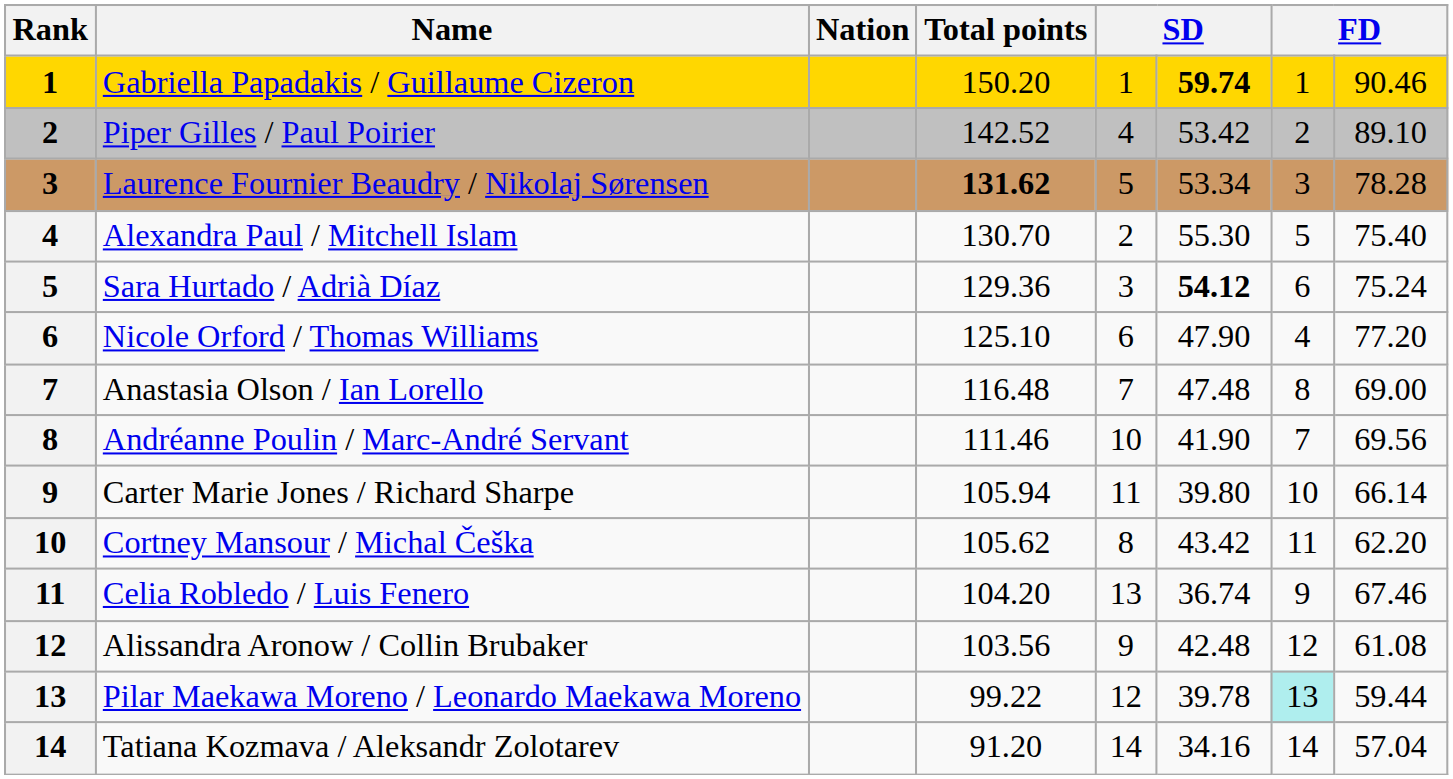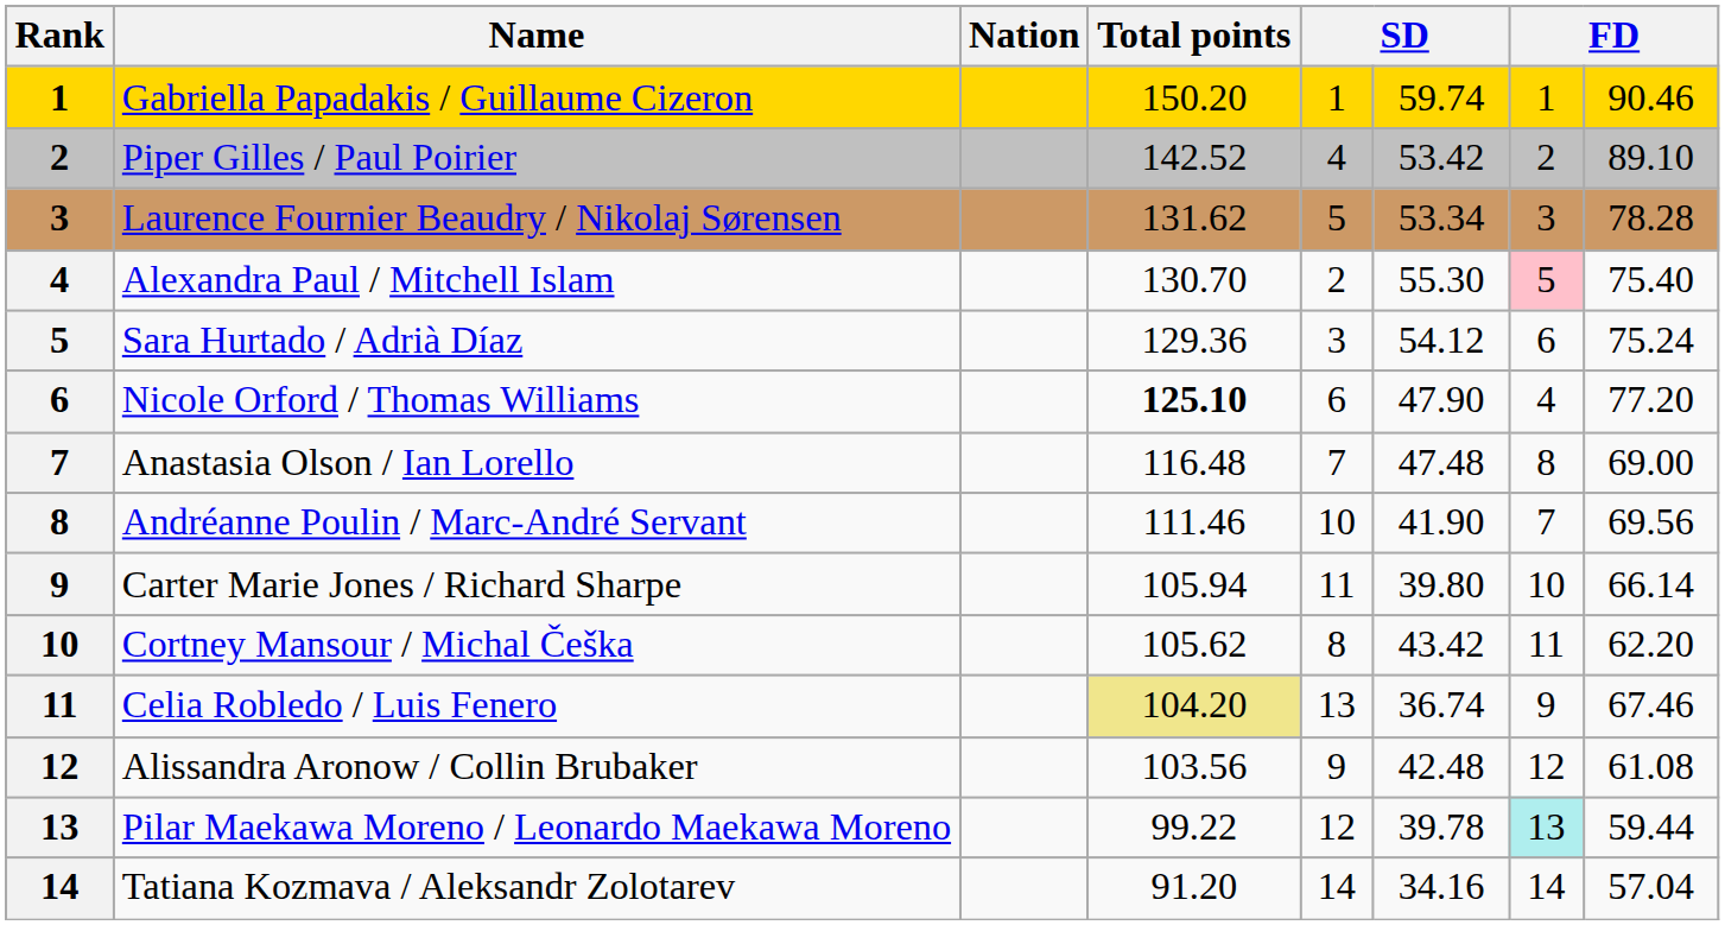 <table class="wikitable sortable">
 <tr>
 <th>Rank</th>
 <th>Name</th>
 <th>Nation</th>
 <th>Total points</th>
 <th colspan="2" width="80px"><a href='#'>SD</a></th>
 <th colspan="2" width="80px"><a href='#'>FD</a></th>
 </tr>
 <tr bgcolor="gold">
 <td align="center"><strong>1</strong></td>
 <td><a href='#'>Gabriella Papadakis</a> / <a href='#'>Guillaume Cizeron</a></td>
 <td></td>
 <td align="center">150.20</td>
 <td align="center">1</td>
-<td align="center"><strong>59.74</strong></td>
+<td align="center">59.74</td>
 <td align="center">1</td>
 <td align="center">90.46</td>
 </tr>
 <tr bgcolor="silver">
 <td align="center"><strong>2</strong></td>
 <td><a href='#'>Piper Gilles</a> / <a href='#'>Paul Poirier</a></td>
 <td></td>
 <td align="center">142.52</td>
 <td align="center">4</td>
 <td align="center">53.42</td>
 <td align="center">2</td>
 <td align="center">89.10</td>
 </tr>
 <tr bgcolor="cc9966">
 <td align="center"><strong>3</strong></td>
 <td><a href='#'>Laurence Fournier Beaudry</a> / <a href='#'>Nikolaj Sørensen</a></td>
 <td></td>
-<td align="center"><strong>131.62</strong></td>
+<td align="center">131.62</td>
 <td align="center">5</td>
 <td align="center">53.34</td>
 <td align="center">3</td>
 <td align="center">78.28</td>
 </tr>
 <tr>
 <th>4</th>
 <td><a href='#'>Alexandra Paul</a> / <a href='#'>Mitchell Islam</a></td>
 <td></td>
 <td align="center">130.70</td>
 <td align="center">2</td>
 <td align="center">55.30</td>
-<td align="center">5</td>
+<td align="center" style="background: pink;">5</td>
 <td align="center">75.40</td>
 </tr>
 <tr>
 <th>5</th>
 <td><a href='#'>Sara Hurtado</a> / <a href='#'>Adrià Díaz</a></td>
 <td></td>
 <td align="center">129.36</td>
 <td align="center">3</td>
-<td align="center"><strong>54.12</strong></td>
+<td align="center">54.12</td>
 <td align="center">6</td>
 <td align="center">75.24</td>
 </tr>
 <tr>
 <th>6</th>
 <td><a href='#'>Nicole Orford</a> / <a href='#'>Thomas Williams</a></td>
 <td></td>
-<td align="center">125.10</td>
+<td align="center"><strong>125.10</strong></td>
 <td align="center">6</td>
 <td align="center">47.90</td>
 <td align="center">4</td>
 <td align="center">77.20</td>
 </tr>
 <tr>
 <th>7</th>
 <td>Anastasia Olson / <a href='#'>Ian Lorello</a></td>
 <td></td>
 <td align="center">116.48</td>
 <td align="center">7</td>
 <td align="center">47.48</td>
 <td align="center">8</td>
 <td align="center">69.00</td>
 </tr>
 <tr>
 <th>8</th>
 <td><a href='#'>Andréanne Poulin</a> / <a href='#'>Marc-André Servant</a></td>
 <td></td>
 <td align="center">111.46</td>
 <td align="center">10</td>
 <td align="center">41.90</td>
 <td align="center">7</td>
 <td align="center">69.56</td>
 </tr>
 <tr>
 <th>9</th>
 <td>Carter Marie Jones / Richard Sharpe</td>
 <td></td>
 <td align="center">105.94</td>
 <td align="center">11</td>
 <td align="center">39.80</td>
 <td align="center">10</td>
 <td align="center">66.14</td>
 </tr>
 <tr>
 <th>10</th>
 <td><a href='#'>Cortney Mansour</a> / <a href='#'>Michal Češka</a></td>
 <td></td>
 <td align="center">105.62</td>
 <td align="center">8</td>
 <td align="center">43.42</td>
 <td align="center">11</td>
 <td align="center">62.20</td>
 </tr>
 <tr>
 <th>11</th>
 <td><a href='#'>Celia Robledo</a> / <a href='#'>Luis Fenero</a></td>
 <td></td>
-<td align="center">104.20</td>
+<td align="center" style="background: khaki;">104.20</td>
 <td align="center">13</td>
 <td align="center">36.74</td>
 <td align="center">9</td>
 <td align="center">67.46</td>
 </tr>
 <tr>
 <th>12</th>
 <td>Alissandra Aronow / Collin Brubaker</td>
 <td></td>
 <td align="center">103.56</td>
 <td align="center">9</td>
 <td align="center">42.48</td>
 <td align="center">12</td>
 <td align="center">61.08</td>
 </tr>
 <tr>
 <th>13</th>
 <td><a href='#'>Pilar Maekawa Moreno</a> / <a href='#'>Leonardo Maekawa Moreno</a></td>
 <td></td>
 <td align="center">99.22</td>
 <td align="center">12</td>
 <td align="center">39.78</td>
 <td align="center" style="background: paleturquoise;">13</td>
 <td align="center">59.44</td>
 </tr>
 <tr>
 <th>14</th>
 <td>Tatiana Kozmava / Aleksandr Zolotarev</td>
 <td></td>
 <td align="center">91.20</td>
 <td align="center">14</td>
 <td align="center">34.16</td>
 <td align="center">14</td>
 <td align="center">57.04</td>
 </tr>
 </table>
